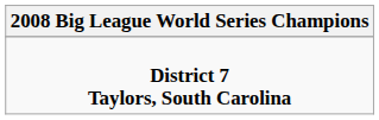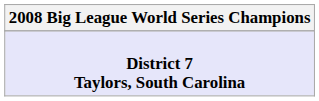 <table class="wikitable" style="text-align: center; margin: 0 auto;">
 <tr>
 <th>2008 Big League World Series Champions</th>
 </tr>
 <tr>
 </tr>
 <tr>
-<td><br><strong>District 7</strong><br> <strong>Taylors, South Carolina</strong></td>
+<td style="background: lavender;"><br><strong>District 7</strong><br> <strong>Taylors, South Carolina</strong></td>
 </tr>
 </table>
